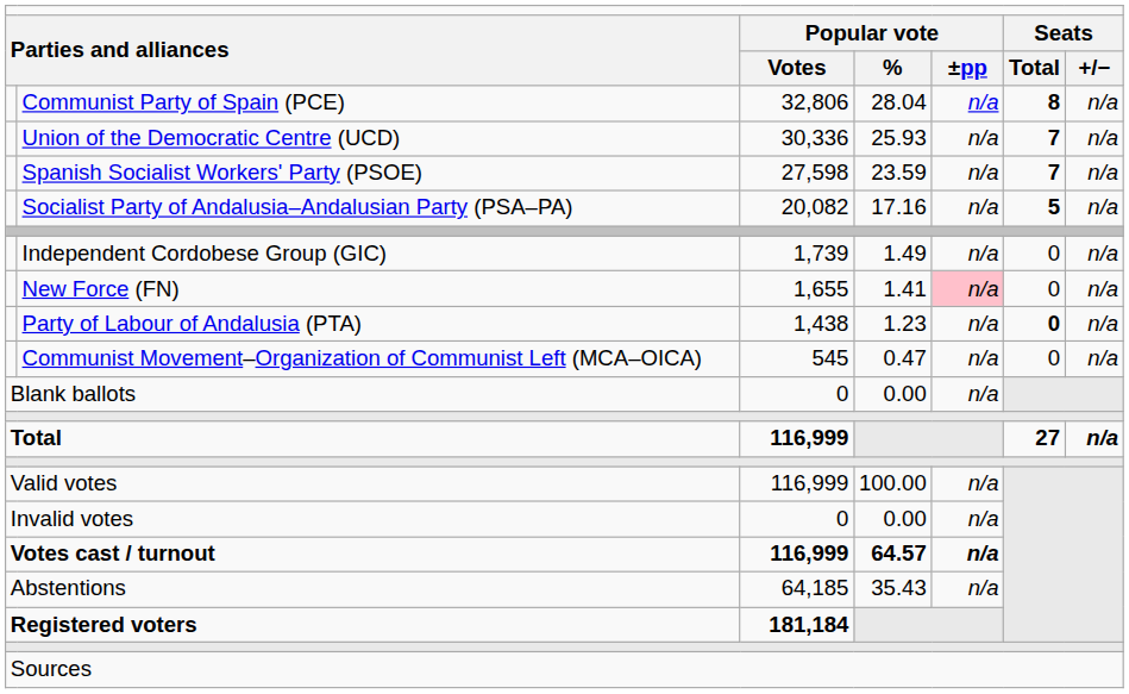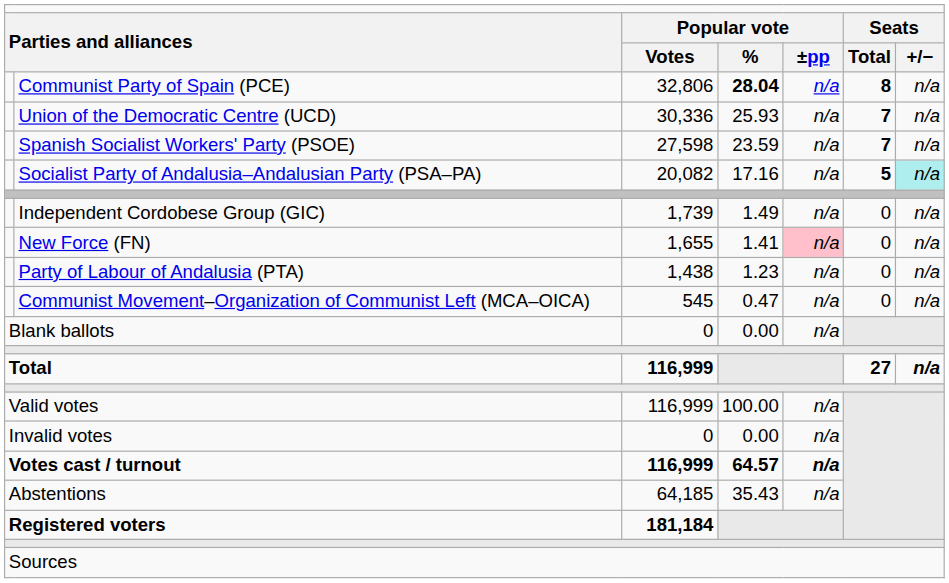 <table class="wikitable" style="text-align:right;">
 <tr>
 <td colspan="7"></td>
 </tr>
 <tr>
 <th style="text-align:left;" rowspan="2" colspan="2" width="525">Parties and alliances</th>
 <th colspan="3">Popular vote</th>
 <th colspan="2">Seats</th>
 </tr>
 <tr>
 <th width="75">Votes</th>
 <th width="45">%</th>
 <th width="45">±<a href='#'>pp</a></th>
 <th width="35">Total</th>
 <th width="35">+/−</th>
 </tr>
 <tr>
 <td width="1" style="color:inherit;background:"></td>
 <td align="left"><a href='#'>Communist Party of Spain</a> (PCE)</td>
 <td>32,806</td>
-<td>28.04</td>
+<td><strong>28.04</strong></td>
 <td><em><a href='#'>n/a</a></em></td>
 <td><strong>8</strong></td>
 <td><em>n/a</em></td>
 </tr>
 <tr>
 <td style="color:inherit;background:"></td>
 <td align="left"><a href='#'>Union of the Democratic Centre</a> (UCD)</td>
 <td>30,336</td>
 <td>25.93</td>
 <td><em>n/a</em></td>
 <td><strong>7</strong></td>
 <td><em>n/a</em></td>
 </tr>
 <tr>
 <td style="color:inherit;background:"></td>
 <td align="left"><a href='#'>Spanish Socialist Workers' Party</a> (PSOE)</td>
 <td>27,598</td>
 <td>23.59</td>
 <td><em>n/a</em></td>
 <td><strong>7</strong></td>
 <td><em>n/a</em></td>
 </tr>
 <tr>
 <td style="color:inherit;background:"></td>
 <td align="left"><a href='#'>Socialist Party of Andalusia–Andalusian Party</a> (PSA–PA)</td>
 <td>20,082</td>
 <td>17.16</td>
 <td><em>n/a</em></td>
 <td><strong>5</strong></td>
-<td><em>n/a</em></td>
+<td style="background: paleturquoise;"><em>n/a</em></td>
 </tr>
 <tr>
 <td colspan="7" bgcolor="#C0C0C0"></td>
 </tr>
 <tr>
 <td style="color:inherit;background:"></td>
 <td align="left">Independent Cordobese Group (GIC)</td>
 <td>1,739</td>
 <td>1.49</td>
 <td><em>n/a</em></td>
 <td>0</td>
 <td><em>n/a</em></td>
 </tr>
 <tr>
 <td style="color:inherit;background:"></td>
 <td align="left"><a href='#'>New Force</a> (FN)</td>
 <td>1,655</td>
 <td>1.41</td>
 <td style="background: pink;"><em>n/a</em></td>
 <td>0</td>
 <td><em>n/a</em></td>
 </tr>
 <tr>
 <td style="color:inherit;background:"></td>
 <td align="left"><a href='#'>Party of Labour of Andalusia</a> (PTA)</td>
 <td>1,438</td>
 <td>1.23</td>
 <td><em>n/a</em></td>
-<td><strong>0</strong></td>
+<td>0</td>
 <td><em>n/a</em></td>
 </tr>
 <tr>
 <td style="color:inherit;background:"></td>
 <td align="left"><a href='#'>Communist Movement</a>–<a href='#'>Organization of Communist Left</a> (MCA–OICA)</td>
 <td>545</td>
 <td>0.47</td>
 <td><em>n/a</em></td>
 <td>0</td>
 <td><em>n/a</em></td>
 </tr>
 <tr>
 <td align="left" colspan="2">Blank ballots</td>
 <td>0</td>
 <td>0.00</td>
 <td><em>n/a</em></td>
 <td bgcolor="#E9E9E9" colspan="2"></td>
 </tr>
 <tr>
 <td colspan="7" bgcolor="#E9E9E9"></td>
 </tr>
 <tr style="font-weight:bold;">
 <td align="left" colspan="2">Total</td>
 <td>116,999</td>
 <td bgcolor="#E9E9E9" colspan="2"></td>
 <td>27</td>
 <td><em>n/a</em></td>
 </tr>
 <tr>
 <td colspan="7" bgcolor="#E9E9E9"></td>
 </tr>
 <tr>
 <td align="left" colspan="2">Valid votes</td>
 <td>116,999</td>
 <td>100.00</td>
 <td><em>n/a</em></td>
 <td bgcolor="#E9E9E9" colspan="2" rowspan="5"></td>
 </tr>
 <tr>
 <td align="left" colspan="2">Invalid votes</td>
 <td>0</td>
 <td>0.00</td>
 <td><em>n/a</em></td>
 </tr>
 <tr style="font-weight:bold;">
 <td align="left" colspan="2">Votes cast / turnout</td>
 <td>116,999</td>
 <td>64.57</td>
 <td><em>n/a</em></td>
 </tr>
 <tr>
 <td align="left" colspan="2">Abstentions</td>
 <td>64,185</td>
 <td>35.43</td>
 <td><em>n/a</em></td>
 </tr>
 <tr style="font-weight:bold;">
 <td align="left" colspan="2">Registered voters</td>
 <td>181,184</td>
 <td bgcolor="#E9E9E9" colspan="2"></td>
 </tr>
 <tr>
 <td colspan="7" bgcolor="#E9E9E9"></td>
 </tr>
 <tr>
 <td align="left" colspan="7">Sources</td>
 </tr>
 </table>
